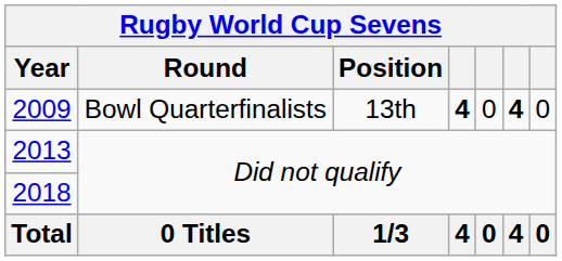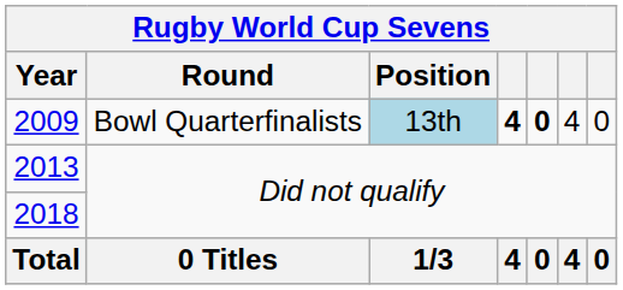 <table class="wikitable" style="text-align: center;">
 <tr>
 <th colspan=7><a href='#'>Rugby World Cup Sevens</a></th>
 </tr>
 <tr>
 <th>Year</th>
 <th>Round</th>
 <th>Position</th>
 <th></th>
 <th></th>
 <th></th>
 <th></th>
 </tr>
 <tr>
 <td> <a href='#'>2009</a></td>
 <td>Bowl Quarterfinalists</td>
-<td>13th</td>
+<td style="background: lightblue;">13th</td>
 <td><strong>4</strong></td>
-<td>0</td>
-<td><strong>4</strong></td>
+<td><strong>0</strong></td>
+<td>4</td>
 <td>0</td>
 </tr>
 <tr>
 <td> <a href='#'>2013</a></td>
 <td colspan=6 rowspan=2><em>Did not qualify</em></td>
 </tr>
 <tr>
 <td> <a href='#'>2018</a></td>
 </tr>
 <tr>
 <th>Total</th>
 <th>0 Titles</th>
 <th>1/3</th>
 <th>4</th>
 <th>0</th>
 <th>4</th>
 <th>0</th>
 </tr>
 </table>
